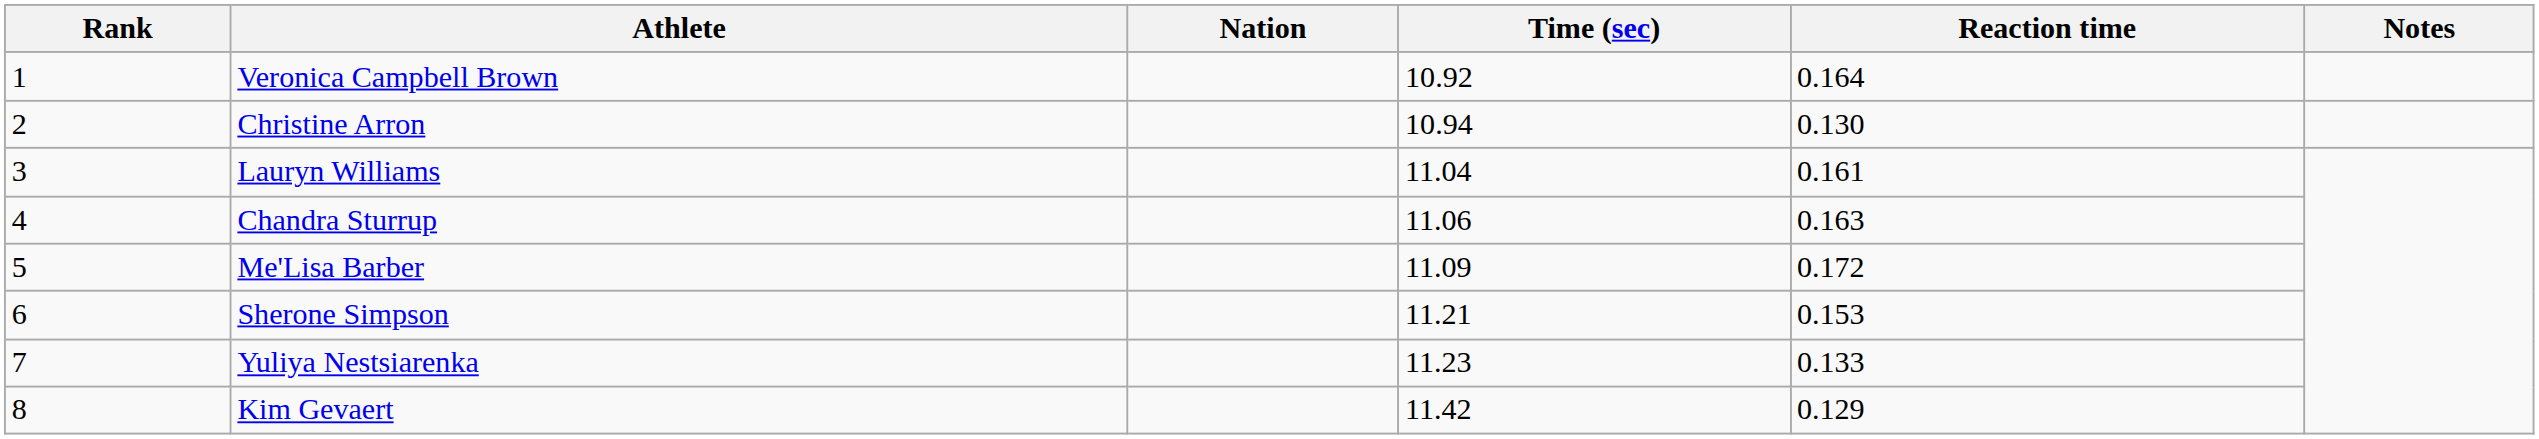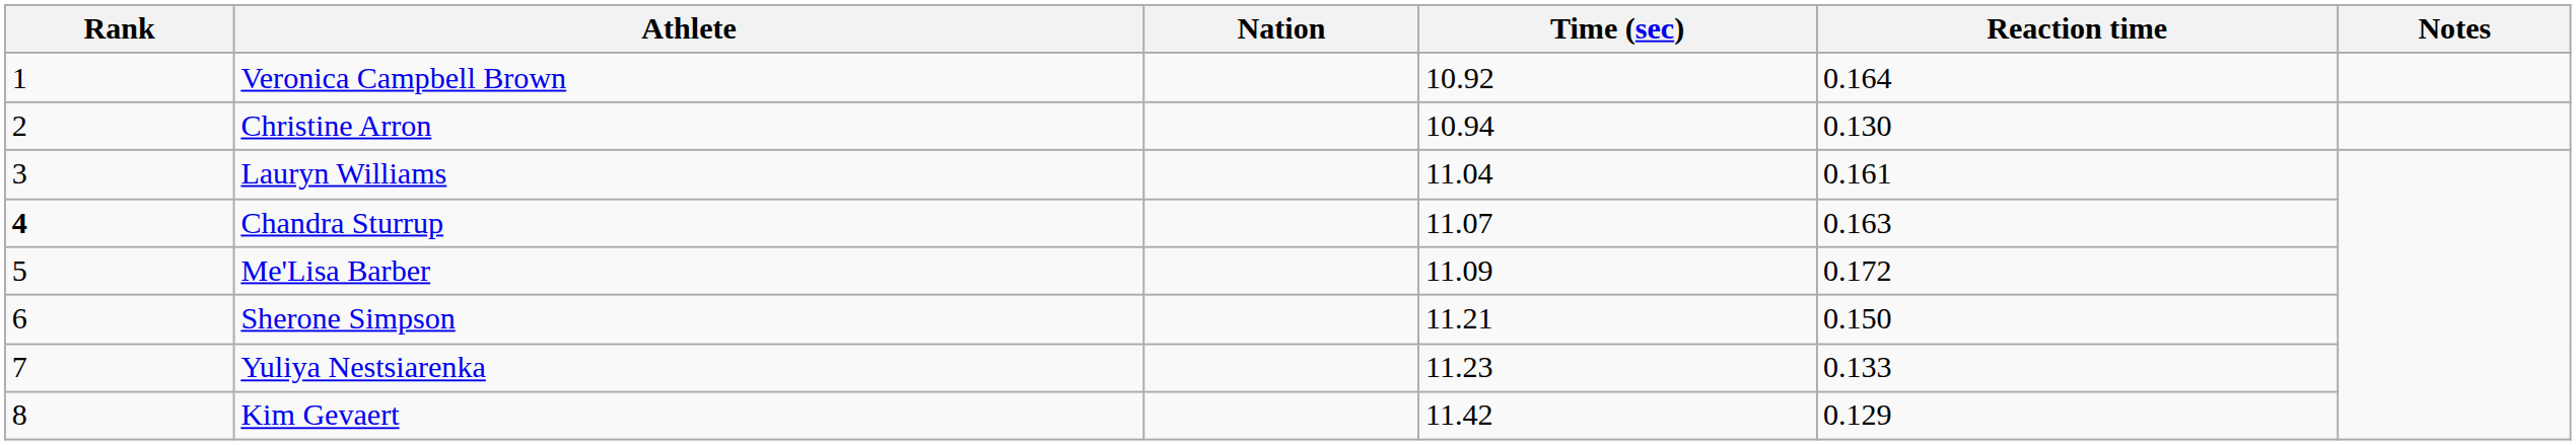 <table class="wikitable" style="text=align:center;" width=85%>
 <tr>
 <th>Rank</th>
 <th>Athlete</th>
 <th>Nation</th>
 <th>Time (<a href='#'>sec</a>)</th>
 <th>Reaction time</th>
 <th>Notes</th>
 </tr>
 <tr>
 <td>1</td>
 <td><a href='#'>Veronica Campbell Brown</a></td>
 <td></td>
 <td>10.92</td>
 <td>0.164</td>
 </tr>
 <tr>
 <td>2</td>
 <td><a href='#'>Christine Arron</a></td>
 <td></td>
 <td>10.94</td>
 <td>0.130</td>
 <td></td>
 </tr>
 <tr>
 <td>3</td>
 <td><a href='#'>Lauryn Williams</a></td>
 <td></td>
 <td>11.04</td>
 <td>0.161</td>
 </tr>
 <tr>
-<td>4</td>
+<td><strong>4</strong></td>
 <td><a href='#'>Chandra Sturrup</a></td>
 <td></td>
-<td>11.06</td>
+<td>11.07</td>
 <td>0.163</td>
 </tr>
 <tr>
 <td>5</td>
 <td><a href='#'>Me'Lisa Barber</a></td>
 <td></td>
 <td>11.09</td>
 <td>0.172</td>
 </tr>
 <tr>
 <td>6</td>
 <td><a href='#'>Sherone Simpson</a></td>
 <td></td>
 <td>11.21</td>
-<td>0.153</td>
+<td>0.150</td>
 </tr>
 <tr>
 <td>7</td>
 <td><a href='#'>Yuliya Nestsiarenka</a></td>
 <td></td>
 <td>11.23</td>
 <td>0.133</td>
 </tr>
 <tr>
 <td>8</td>
 <td><a href='#'>Kim Gevaert</a></td>
 <td></td>
 <td>11.42</td>
 <td>0.129</td>
 </tr>
 </table>
